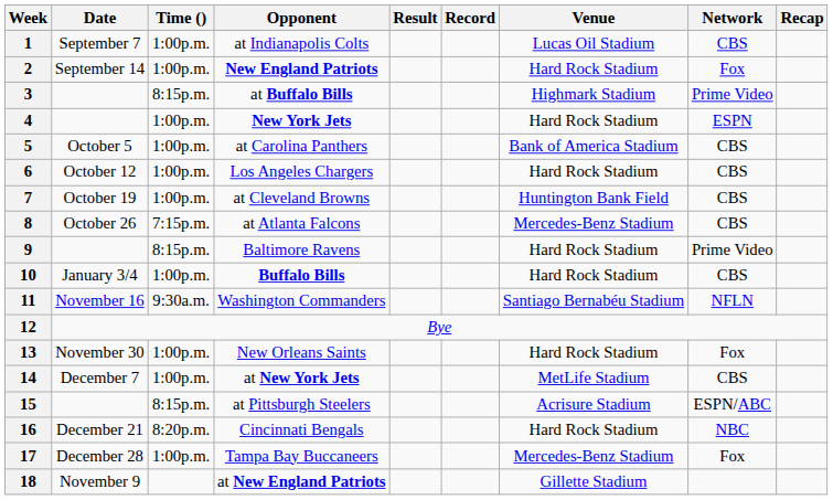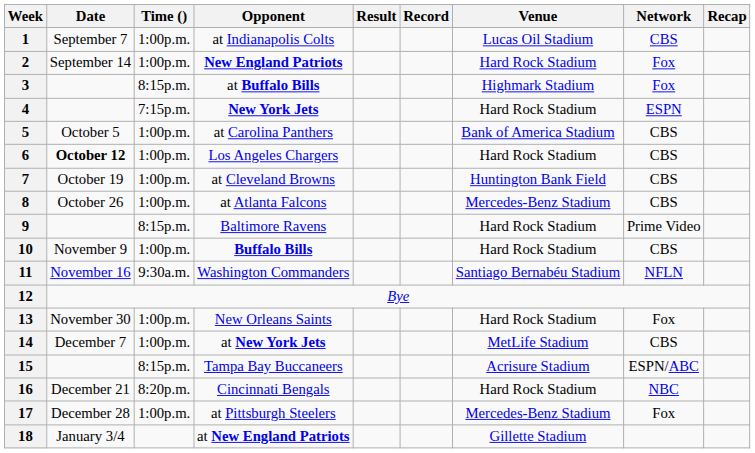 <table class="wikitable" style="text-align:center">
 <tr>
 <th>Week</th>
 <th>Date</th>
 <th>Time (<a href='#'></a>)</th>
 <th>Opponent</th>
 <th>Result</th>
 <th>Record</th>
 <th>Venue</th>
 <th>Network</th>
 <th>Recap</th>
 </tr>
 <tr>
 <th>1 </th>
 <td>September 7</td>
 <td>1:00p.m.</td>
 <td>at <a href='#'>Indianapolis Colts</a></td>
 <td></td>
 <td></td>
 <td><a href='#'>Lucas Oil Stadium</a></td>
 <td><a href='#'>CBS</a></td>
 <td></td>
 </tr>
 <tr>
 <th>2 </th>
 <td>September 14</td>
 <td>1:00p.m.</td>
 <td><strong><a href='#'>New England Patriots</a></strong></td>
 <td></td>
 <td></td>
 <td><a href='#'>Hard Rock Stadium</a></td>
 <td><a href='#'>Fox</a></td>
 <td></td>
 </tr>
 <tr>
 <th>3 </th>
 <td></td>
 <td>8:15p.m.</td>
 <td>at <strong><a href='#'>Buffalo Bills</a></strong></td>
 <td></td>
 <td></td>
 <td><a href='#'>Highmark Stadium</a></td>
-<td><a href='#'>Prime Video</a></td>
+<td><a href='#'>Fox</a></td>
 <td></td>
 </tr>
 <tr>
 <th>4 </th>
 <td></td>
-<td>1:00p.m.</td>
+<td>7:15p.m.</td>
 <td><strong><a href='#'>New York Jets</a></strong></td>
 <td></td>
 <td></td>
 <td>Hard Rock Stadium</td>
 <td><a href='#'>ESPN</a></td>
 <td></td>
 </tr>
 <tr>
 <th>5 </th>
 <td>October 5</td>
 <td>1:00p.m.</td>
 <td>at <a href='#'>Carolina Panthers</a></td>
 <td></td>
 <td></td>
 <td><a href='#'>Bank of America Stadium</a></td>
 <td>CBS</td>
 <td></td>
 </tr>
 <tr>
 <th>6 </th>
-<td>October 12</td>
+<td><strong>October 12</strong></td>
 <td>1:00p.m.</td>
 <td><a href='#'>Los Angeles Chargers</a></td>
 <td></td>
 <td></td>
 <td>Hard Rock Stadium</td>
 <td>CBS</td>
 <td></td>
 </tr>
 <tr>
 <th>7 </th>
 <td>October 19</td>
 <td>1:00p.m.</td>
 <td>at <a href='#'>Cleveland Browns</a></td>
 <td></td>
 <td></td>
 <td><a href='#'>Huntington Bank Field</a></td>
 <td>CBS</td>
 <td></td>
 </tr>
 <tr>
 <th>8 </th>
 <td>October 26</td>
-<td>7:15p.m.</td>
+<td>1:00p.m.</td>
 <td>at <a href='#'>Atlanta Falcons</a></td>
 <td></td>
 <td></td>
 <td><a href='#'>Mercedes-Benz Stadium</a></td>
 <td>CBS</td>
 <td></td>
 </tr>
 <tr>
 <th>9 </th>
 <td></td>
 <td>8:15p.m.</td>
 <td><a href='#'>Baltimore Ravens</a></td>
 <td></td>
 <td></td>
 <td>Hard Rock Stadium</td>
 <td>Prime Video</td>
 <td></td>
 </tr>
 <tr>
 <th>10 </th>
-<td>January 3/4</td>
+<td>November 9</td>
 <td>1:00p.m.</td>
 <td><strong><a href='#'>Buffalo Bills</a></strong></td>
 <td></td>
 <td></td>
 <td>Hard Rock Stadium</td>
 <td>CBS</td>
 <td></td>
 </tr>
 <tr>
 <th>11 </th>
 <td><a href='#'>November 16</a></td>
 <td>9:30a.m.</td>
 <td><a href='#'>Washington Commanders</a></td>
 <td></td>
 <td></td>
 <td> <a href='#'>Santiago Bernabéu Stadium</a> </td>
 <td><a href='#'>NFLN</a></td>
 <td></td>
 </tr>
 <tr>
 <th>12</th>
 <td colspan=8><em><a href='#'>Bye</a></em></td>
 </tr>
 <tr>
 <th>13 </th>
 <td>November 30</td>
 <td>1:00p.m.</td>
 <td><a href='#'>New Orleans Saints</a></td>
 <td></td>
 <td></td>
 <td>Hard Rock Stadium</td>
 <td>Fox</td>
 <td></td>
 </tr>
 <tr>
 <th>14 </th>
 <td>December 7</td>
 <td>1:00p.m.</td>
 <td>at <strong><a href='#'>New York Jets</a></strong></td>
 <td></td>
 <td></td>
 <td><a href='#'>MetLife Stadium</a></td>
 <td>CBS</td>
 <td></td>
 </tr>
 <tr>
 <th>15 </th>
 <td></td>
 <td>8:15p.m.</td>
-<td>at <a href='#'>Pittsburgh Steelers</a></td>
+<td><a href='#'>Tampa Bay Buccaneers</a></td>
 <td></td>
 <td></td>
 <td><a href='#'>Acrisure Stadium</a></td>
 <td>ESPN/<a href='#'>ABC</a></td>
 <td></td>
 </tr>
 <tr>
 <th>16 </th>
 <td>December 21</td>
 <td>8:20p.m.</td>
 <td><a href='#'>Cincinnati Bengals</a></td>
 <td></td>
 <td></td>
 <td>Hard Rock Stadium</td>
 <td><a href='#'>NBC</a></td>
 <td></td>
 </tr>
 <tr>
 <th>17 </th>
 <td>December 28</td>
 <td>1:00p.m.</td>
-<td><a href='#'>Tampa Bay Buccaneers</a></td>
+<td>at <a href='#'>Pittsburgh Steelers</a></td>
 <td></td>
 <td></td>
 <td><a href='#'>Mercedes-Benz Stadium</a></td>
 <td>Fox</td>
 <td></td>
 </tr>
 <tr>
 <th>18 </th>
-<td>November 9</td>
+<td>January 3/4</td>
 <td></td>
 <td>at <strong><a href='#'>New England Patriots</a></strong></td>
 <td></td>
 <td></td>
 <td><a href='#'>Gillette Stadium</a></td>
 <td></td>
 <td></td>
 </tr>
 </table>
